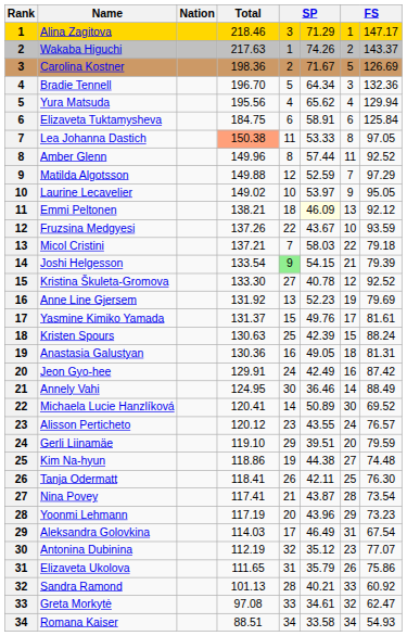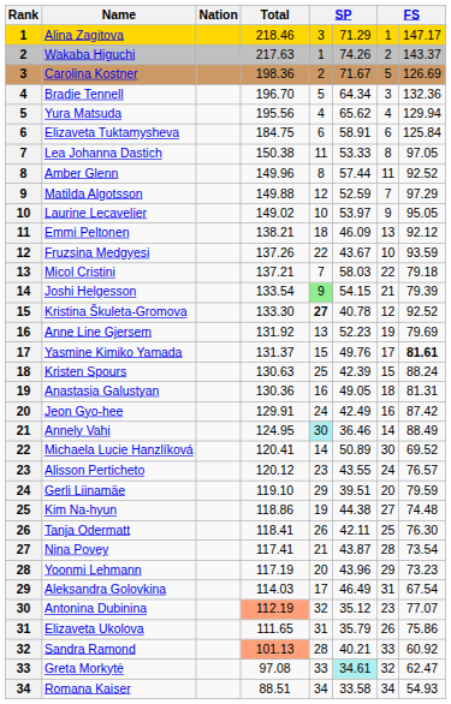 <table class="wikitable sortable">
 <tr>
 <th>Rank</th>
 <th>Name</th>
 <th>Nation</th>
 <th width="80px">Total</th>
 <th colspan="2" width="80px"><a href='#'>SP</a></th>
 <th colspan="2" width="80px"><a href='#'>FS</a></th>
 </tr>
 <tr bgcolor="gold">
 <td align="center"><strong>1</strong></td>
 <td><a href='#'>Alina Zagitova</a></td>
 <td></td>
 <td align="center">218.46</td>
 <td align="center">3</td>
 <td align="center">71.29</td>
 <td align="center">1</td>
 <td align="center">147.17</td>
 </tr>
 <tr bgcolor="silver">
 <td align="center"><strong>2</strong></td>
 <td><a href='#'>Wakaba Higuchi</a></td>
 <td></td>
 <td align="center">217.63</td>
 <td align="center">1</td>
 <td align="center">74.26</td>
 <td align="center">2</td>
 <td align="center">143.37</td>
 </tr>
 <tr bgcolor="cc9966">
 <td align="center"><strong>3</strong></td>
 <td><a href='#'>Carolina Kostner</a></td>
 <td></td>
 <td align="center">198.36</td>
 <td align="center">2</td>
 <td align="center">71.67</td>
 <td align="center">5</td>
 <td align="center">126.69</td>
 </tr>
 <tr>
 <th>4</th>
 <td><a href='#'>Bradie Tennell</a></td>
 <td></td>
 <td align="center">196.70</td>
 <td align="center">5</td>
 <td align="center">64.34</td>
 <td align="center">3</td>
 <td align="center">132.36</td>
 </tr>
 <tr>
 <th>5</th>
 <td><a href='#'>Yura Matsuda</a></td>
 <td></td>
 <td align="center">195.56</td>
 <td align="center">4</td>
 <td align="center">65.62</td>
 <td align="center">4</td>
 <td align="center">129.94</td>
 </tr>
 <tr>
 <th>6</th>
 <td><a href='#'>Elizaveta Tuktamysheva</a></td>
 <td></td>
 <td align="center">184.75</td>
 <td align="center">6</td>
 <td align="center">58.91</td>
 <td align="center">6</td>
 <td align="center">125.84</td>
 </tr>
 <tr>
 <th>7</th>
 <td><a href='#'>Lea Johanna Dastich</a></td>
 <td></td>
-<td align="center" style="background: lightsalmon;">150.38</td>
+<td align="center">150.38</td>
 <td align="center">11</td>
 <td align="center">53.33</td>
 <td align="center">8</td>
 <td align="center">97.05</td>
 </tr>
 <tr>
 <th>8</th>
 <td><a href='#'>Amber Glenn</a></td>
 <td></td>
 <td align="center">149.96</td>
 <td align="center">8</td>
 <td align="center">57.44</td>
 <td align="center">11</td>
 <td align="center">92.52</td>
 </tr>
 <tr>
 <th>9</th>
 <td><a href='#'>Matilda Algotsson</a></td>
 <td></td>
 <td align="center">149.88</td>
 <td align="center">12</td>
 <td align="center">52.59</td>
 <td align="center">7</td>
 <td align="center">97.29</td>
 </tr>
 <tr>
 <th>10</th>
 <td><a href='#'>Laurine Lecavelier</a></td>
 <td></td>
 <td align="center">149.02</td>
 <td align="center">10</td>
 <td align="center">53.97</td>
 <td align="center">9</td>
 <td align="center">95.05</td>
 </tr>
 <tr>
 <th>11</th>
 <td><a href='#'>Emmi Peltonen</a></td>
 <td></td>
 <td align="center">138.21</td>
 <td align="center">18</td>
-<td align="center" style="background: lightyellow;">46.09</td>
+<td align="center">46.09</td>
 <td align="center">13</td>
 <td align="center">92.12</td>
 </tr>
 <tr>
 <th>12</th>
 <td><a href='#'>Fruzsina Medgyesi</a></td>
 <td></td>
 <td align="center">137.26</td>
 <td align="center">22</td>
 <td align="center">43.67</td>
 <td align="center">10</td>
 <td align="center">93.59</td>
 </tr>
 <tr>
 <th>13</th>
 <td><a href='#'>Micol Cristini</a></td>
 <td></td>
 <td align="center">137.21</td>
 <td align="center">7</td>
 <td align="center">58.03</td>
 <td align="center">22</td>
 <td align="center">79.18</td>
 </tr>
 <tr>
 <th>14</th>
 <td><a href='#'>Joshi Helgesson</a></td>
 <td></td>
 <td align="center">133.54</td>
 <td align="center" style="background: lightgreen;">9</td>
 <td align="center">54.15</td>
 <td align="center">21</td>
 <td align="center">79.39</td>
 </tr>
 <tr>
 <th>15</th>
 <td><a href='#'>Kristina Škuleta-Gromova</a></td>
 <td></td>
 <td align="center">133.30</td>
-<td align="center">27</td>
+<td align="center"><strong>27</strong></td>
 <td align="center">40.78</td>
 <td align="center">12</td>
 <td align="center">92.52</td>
 </tr>
 <tr>
 <th>16</th>
 <td><a href='#'>Anne Line Gjersem</a></td>
 <td></td>
 <td align="center">131.92</td>
 <td align="center">13</td>
 <td align="center">52.23</td>
 <td align="center">19</td>
 <td align="center">79.69</td>
 </tr>
 <tr>
 <th>17</th>
 <td><a href='#'>Yasmine Kimiko Yamada</a></td>
 <td></td>
 <td align="center">131.37</td>
 <td align="center">15</td>
 <td align="center">49.76</td>
 <td align="center">17</td>
-<td align="center">81.61</td>
+<td align="center"><strong>81.61</strong></td>
 </tr>
 <tr>
 <th>18</th>
 <td><a href='#'>Kristen Spours</a></td>
 <td></td>
 <td align="center">130.63</td>
 <td align="center">25</td>
 <td align="center">42.39</td>
 <td align="center">15</td>
 <td align="center">88.24</td>
 </tr>
 <tr>
 <th>19</th>
 <td><a href='#'>Anastasia Galustyan</a></td>
 <td></td>
 <td align="center">130.36</td>
 <td align="center">16</td>
 <td align="center">49.05</td>
 <td align="center">18</td>
 <td align="center">81.31</td>
 </tr>
 <tr>
 <th>20</th>
 <td><a href='#'>Jeon Gyo-hee</a></td>
 <td></td>
 <td align="center">129.91</td>
 <td align="center">24</td>
 <td align="center">42.49</td>
 <td align="center">16</td>
 <td align="center">87.42</td>
 </tr>
 <tr>
 <th>21</th>
 <td><a href='#'>Annely Vahi</a></td>
 <td></td>
 <td align="center">124.95</td>
-<td align="center">30</td>
+<td align="center" style="background: paleturquoise;">30</td>
 <td align="center">36.46</td>
 <td align="center">14</td>
 <td align="center">88.49</td>
 </tr>
 <tr>
 <th>22</th>
 <td><a href='#'>Michaela Lucie Hanzlíková</a></td>
 <td></td>
 <td align="center">120.41</td>
 <td align="center">14</td>
 <td align="center">50.89</td>
 <td align="center">30</td>
 <td align="center">69.52</td>
 </tr>
 <tr>
 <th>23</th>
 <td><a href='#'>Alisson Perticheto</a></td>
 <td></td>
 <td align="center">120.12</td>
 <td align="center">23</td>
 <td align="center">43.55</td>
 <td align="center">24</td>
 <td align="center">76.57</td>
 </tr>
 <tr>
 <th>24</th>
 <td><a href='#'>Gerli Liinamäe</a></td>
 <td></td>
 <td align="center">119.10</td>
 <td align="center">29</td>
 <td align="center">39.51</td>
 <td align="center">20</td>
 <td align="center">79.59</td>
 </tr>
 <tr>
 <th>25</th>
 <td><a href='#'>Kim Na-hyun</a></td>
 <td></td>
 <td align="center">118.86</td>
 <td align="center">19</td>
 <td align="center">44.38</td>
 <td align="center">27</td>
 <td align="center">74.48</td>
 </tr>
 <tr>
 <th>26</th>
 <td><a href='#'>Tanja Odermatt</a></td>
 <td></td>
 <td align="center">118.41</td>
 <td align="center">26</td>
 <td align="center">42.11</td>
 <td align="center">25</td>
 <td align="center">76.30</td>
 </tr>
 <tr>
 <th>27</th>
 <td><a href='#'>Nina Povey</a></td>
 <td></td>
 <td align="center">117.41</td>
 <td align="center">21</td>
 <td align="center">43.87</td>
 <td align="center">28</td>
 <td align="center">73.54</td>
 </tr>
 <tr>
 <th>28</th>
 <td><a href='#'>Yoonmi Lehmann</a></td>
 <td></td>
 <td align="center">117.19</td>
 <td align="center">20</td>
 <td align="center">43.96</td>
 <td align="center">29</td>
 <td align="center">73.23</td>
 </tr>
 <tr>
 <th>29</th>
 <td><a href='#'>Aleksandra Golovkina</a></td>
 <td></td>
 <td align="center">114.03</td>
 <td align="center">17</td>
 <td align="center">46.49</td>
 <td align="center">31</td>
 <td align="center">67.54</td>
 </tr>
 <tr>
 <th>30</th>
 <td><a href='#'>Antonina Dubinina</a></td>
 <td></td>
-<td align="center">112.19</td>
+<td align="center" style="background: lightsalmon;">112.19</td>
 <td align="center">32</td>
 <td align="center">35.12</td>
 <td align="center">23</td>
 <td align="center">77.07</td>
 </tr>
 <tr>
 <th>31</th>
 <td><a href='#'>Elizaveta Ukolova</a></td>
 <td></td>
 <td align="center">111.65</td>
 <td align="center">31</td>
 <td align="center">35.79</td>
 <td align="center">26</td>
 <td align="center">75.86</td>
 </tr>
 <tr>
 <th>32</th>
 <td><a href='#'>Sandra Ramond</a></td>
 <td></td>
-<td align="center">101.13</td>
+<td align="center" style="background: lightsalmon;">101.13</td>
 <td align="center">28</td>
 <td align="center">40.21</td>
 <td align="center">33</td>
 <td align="center">60.92</td>
 </tr>
 <tr>
 <th>33</th>
 <td><a href='#'>Greta Morkytė</a></td>
 <td></td>
 <td align="center">97.08</td>
 <td align="center">33</td>
-<td align="center">34.61</td>
+<td align="center" style="background: paleturquoise;">34.61</td>
 <td align="center">32</td>
 <td align="center">62.47</td>
 </tr>
 <tr>
 <th>34</th>
 <td><a href='#'>Romana Kaiser</a></td>
 <td></td>
 <td align="center">88.51</td>
 <td align="center">34</td>
 <td align="center">33.58</td>
 <td align="center">34</td>
 <td align="center">54.93</td>
 </tr>
 </table>
